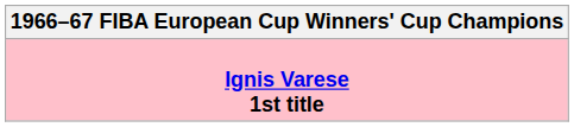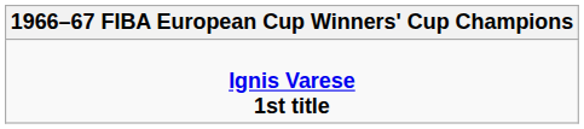 <table class=wikitable style="text-align:center; margin:auto">
 <tr>
 <th>1966–67 FIBA European Cup Winners' Cup Champions</th>
 </tr>
 <tr>
-<td style="background: pink;"><br> <strong><a href='#'>Ignis Varese</a></strong> <br> <strong>1st title</strong></td>
+<td><br> <strong><a href='#'>Ignis Varese</a></strong> <br> <strong>1st title</strong></td>
 </tr>
 </table>
